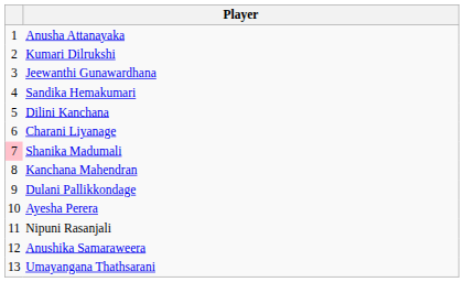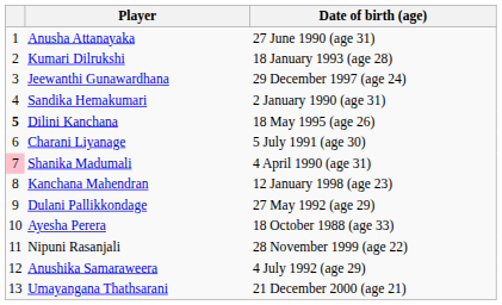 <table class="wikitable" style="font-size:">
 <tr>
 <th scope="col" style="width:4%"></th>
 <th scope="col">Player</th>
+<th scope="col">Date of birth (age)</th>
 </tr>
 <tr>
 <td style="text-align:center; border:0">1</td>
 <td style="text-align:left; border:0"><a href='#'>Anusha Attanayaka</a></td>
+<td style="text-align:left; border:0">27 June 1990 (age 31)</td>
 </tr>
 <tr>
 <td style="text-align:center; border:0">2</td>
 <td style="text-align:left; border:0"><a href='#'>Kumari Dilrukshi</a></td>
+<td style="text-align:left; border:0">18 January 1993 (age 28)</td>
 </tr>
 <tr>
 <td style="text-align:center; border:0">3</td>
 <td style="text-align:left; border:0"><a href='#'>Jeewanthi Gunawardhana</a></td>
+<td style="text-align:left; border:0">29 December 1997 (age 24)</td>
 </tr>
 <tr>
 <td style="text-align:center; border:0">4</td>
 <td style="text-align:left; border:0"><a href='#'>Sandika Hemakumari</a></td>
+<td style="text-align:left; border:0">2 January 1990 (age 31)</td>
 </tr>
 <tr>
-<td style="text-align:center; border:0">5</td>
+<td style="text-align:center; border:0"><strong>5</strong></td>
 <td style="text-align:left; border:0"><a href='#'>Dilini Kanchana</a></td>
+<td style="text-align:left; border:0">18 May 1995 (age 26)</td>
 </tr>
 <tr>
 <td style="text-align:center; border:0">6</td>
 <td style="text-align:left; border:0"><a href='#'>Charani Liyanage</a></td>
+<td style="text-align:left; border:0">5 July 1991 (age 30)</td>
 </tr>
 <tr>
 <td style="background: pink; text-align:center; border:0">7</td>
 <td style="text-align:left; border:0"><a href='#'>Shanika Madumali</a></td>
+<td style="text-align:left; border:0">4 April 1990 (age 31)</td>
 </tr>
 <tr>
 <td style="text-align:center; border:0">8</td>
 <td style="text-align:left; border:0"><a href='#'>Kanchana Mahendran</a></td>
+<td style="text-align:left; border:0">12 January 1998 (age 23)</td>
 </tr>
 <tr>
 <td style="text-align:center; border:0">9</td>
 <td style="text-align:left; border:0"><a href='#'>Dulani Pallikkondage</a></td>
+<td style="text-align:left; border:0">27 May 1992 (age 29)</td>
 </tr>
 <tr>
 <td style="text-align:center; border:0">10</td>
 <td style="text-align:left; border:0"><a href='#'>Ayesha Perera</a></td>
+<td style="text-align:left; border:0">18 October 1988 (age 33)</td>
 </tr>
 <tr>
 <td style="text-align:center; border:0">11</td>
 <td style="text-align:left; border:0">Nipuni Rasanjali</td>
+<td style="text-align:left; border:0">28 November 1999 (age 22)</td>
 </tr>
 <tr>
 <td style="text-align:center; border:0">12</td>
 <td style="text-align:left; border:0"><a href='#'>Anushika Samaraweera</a></td>
+<td style="text-align:left; border:0">4 July 1992 (age 29)</td>
 </tr>
 <tr>
 <td style="text-align:center; border:0">13</td>
 <td style="text-align:left; border:0"><a href='#'>Umayangana Thathsarani</a></td>
+<td style="text-align:left; border:0">21 December 2000 (age 21)</td>
 </tr>
 </table>
